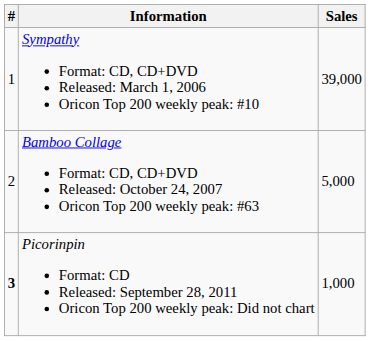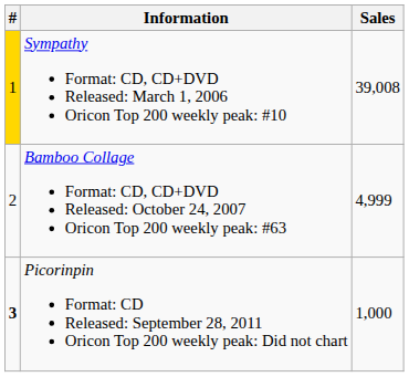 <table class="wikitable">
 <tr>
 <th scope="col">#</th>
 <th scope="col">Information</th>
 <th scope="col">Sales</th>
 </tr>
 <tr>
-<td>1</td>
+<td style="background: gold;">1</td>
 <td align="left"><em><a href='#'>Sympathy</a></em><br><ul><li>Format: CD, CD+DVD</li><li>Released: March 1, 2006</li><li>Oricon Top 200 weekly peak: #10</li></ul></td>
-<td align="left">39,000</td>
+<td align="left">39,008</td>
 </tr>
 <tr>
 <td>2</td>
 <td align="left"><em><a href='#'>Bamboo Collage</a></em><br><ul><li>Format: CD, CD+DVD</li><li>Released: October 24, 2007</li><li>Oricon Top 200 weekly peak: #63</li></ul></td>
-<td align="left">5,000</td>
+<td align="left">4,999</td>
 </tr>
 <tr>
 <td><strong>3</strong></td>
 <td align="left"><em>Picorinpin</em><br><ul><li>Format: CD</li><li>Released: September 28, 2011</li><li>Oricon Top 200 weekly peak: Did not chart</li></ul></td>
 <td align="left">1,000</td>
 </tr>
 </table>
